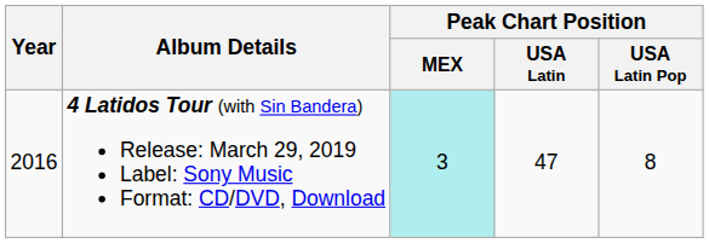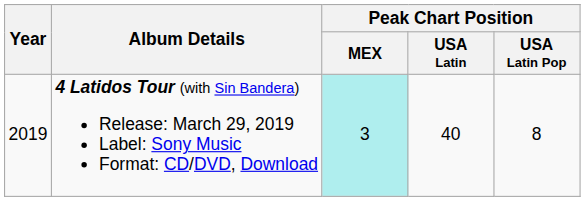 <table class ="wikitable">
 <tr>
 <th rowspan="2">Year</th>
 <th rowspan="2">Album Details</th>
 <th colspan="3">Peak Chart Position</th>
 </tr>
 <tr>
 <th scope="col" style="width:5em;font-size:90%;">MEX<br></th>
 <th scope="col" style="width:5em;font-size:90%;">USA<br><small>Latin</small><br></th>
 <th scope="col" style="width:5em;font-size:90%;">USA<br><small>Latin Pop</small><br></th>
 </tr>
 <tr>
-<td>2016</td>
+<td>2019</td>
 <td><strong><em>4 Latidos Tour</em></strong> <small>(with <a href='#'>Sin Bandera</a>)</small><br><ul><li>Release: March 29, 2019</li><li>Label: <a href='#'>Sony Music</a></li><li>Format: <a href='#'>CD</a>/<a href='#'>DVD</a>, <a href='#'>Download</a></li></ul></td>
 <td style="background: paleturquoise; text-align:center;">3</td>
-<td style="text-align:center;">47</td>
+<td style="text-align:center;">40</td>
 <td style="text-align:center;">8</td>
 </tr>
 </table>
